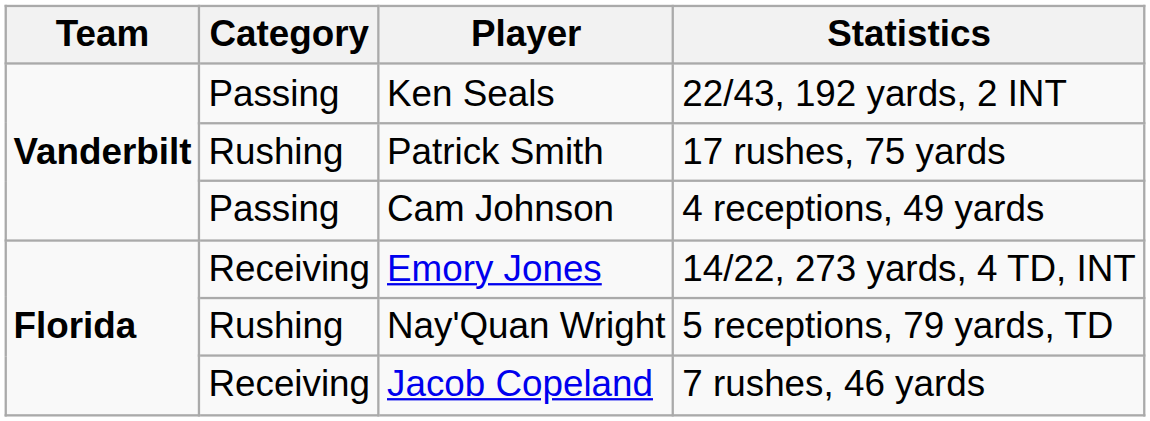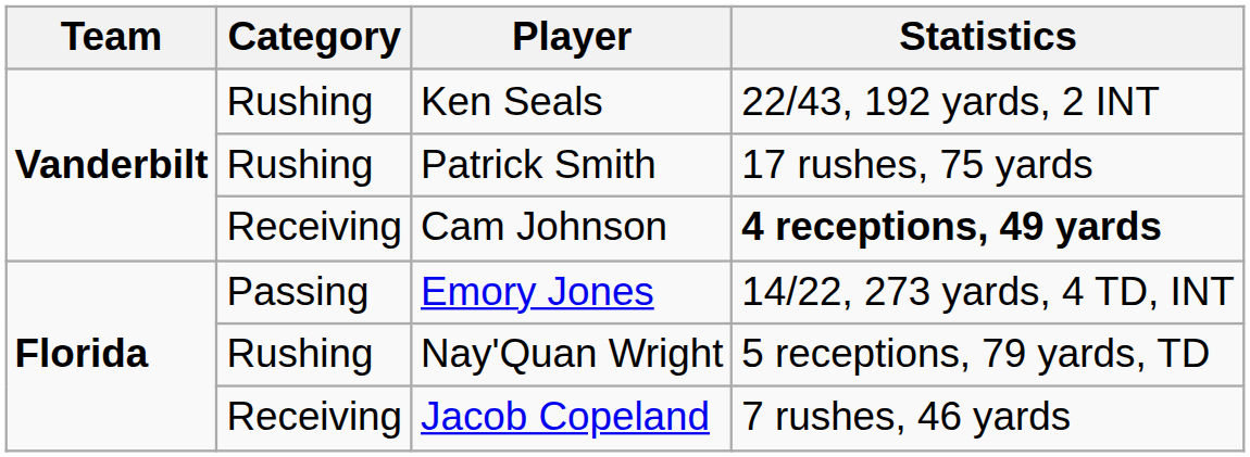 <table class="wikitable" style="float: right;">
 <tr>
 <th>Team</th>
 <th>Category</th>
 <th>Player</th>
 <th>Statistics</th>
 </tr>
 <tr>
 <td rowspan=3><strong>Vanderbilt</strong></td>
-<td>Passing</td>
+<td>Rushing</td>
 <td>Ken Seals</td>
 <td>22/43, 192 yards, 2 INT</td>
 </tr>
 <tr>
 <td>Rushing</td>
 <td>Patrick Smith</td>
 <td>17 rushes, 75 yards</td>
 </tr>
 <tr>
-<td>Passing</td>
+<td>Receiving</td>
 <td>Cam Johnson</td>
-<td>4 receptions, 49 yards</td>
+<td><strong>4 receptions, 49 yards</strong></td>
 </tr>
 <tr>
 <td rowspan=3><strong>Florida</strong></td>
-<td>Receiving</td>
+<td>Passing</td>
 <td><a href='#'>Emory Jones</a></td>
 <td>14/22, 273 yards, 4 TD, INT</td>
 </tr>
 <tr>
 <td>Rushing</td>
 <td>Nay'Quan Wright</td>
 <td>5 receptions, 79 yards, TD</td>
 </tr>
 <tr>
 <td>Receiving</td>
 <td><a href='#'>Jacob Copeland</a></td>
 <td>7 rushes, 46 yards</td>
 </tr>
 </table>
